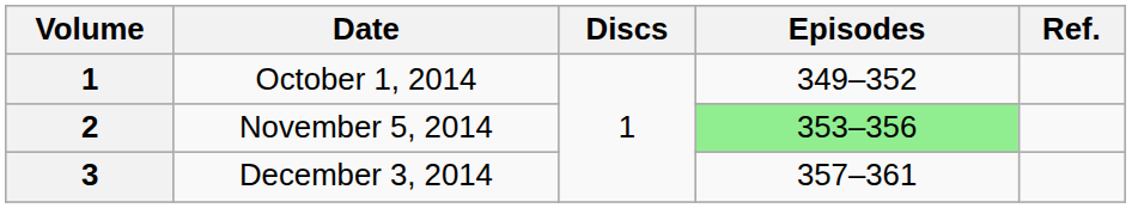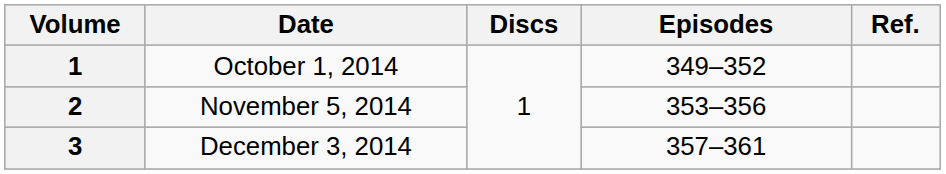 <table class="wikitable" style="text-align:center;">
 <tr>
 <th scope="col" style="width:5em;">Volume</th>
 <th scope="col" style="width:12em;">Date</th>
 <th scope="col" style="width:4em;">Discs</th>
 <th scope="col" style="width:10em;">Episodes</th>
 <th scope="col" style="width:3em;">Ref.</th>
 </tr>
 <tr>
 <th scope="row">1</th>
 <td>October 1, 2014</td>
 <td rowspan="3">1</td>
 <td>349–352</td>
 <td></td>
 </tr>
 <tr>
 <th scope="row">2</th>
 <td>November 5, 2014</td>
-<td style="background: lightgreen;">353–356</td>
+<td>353–356</td>
 <td></td>
 </tr>
 <tr>
 <th scope="row">3</th>
 <td>December 3, 2014</td>
 <td>357–361</td>
 <td></td>
 </tr>
 </table>
